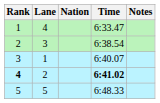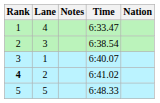 <table class="wikitable sortable" style="text-align:center">
 <tr>
 <th>Rank</th>
 <th>Lane</th>
+<th>Notes</th>
+<th>Time</th>
 <th>Nation</th>
-<th>Time</th>
-<th>Notes</th>
 </tr>
 <tr bgcolor=bbf3bb>
 <td>1</td>
 <td>4</td>
+<td></td>
+<td>6:33.47</td>
 <td align=left></td>
-<td>6:33.47</td>
-<td></td>
 </tr>
 <tr bgcolor=bbf3bb>
 <td>2</td>
 <td>3</td>
+<td></td>
+<td>6:38.54</td>
 <td align=left></td>
-<td>6:38.54</td>
-<td></td>
 </tr>
 <tr bgcolor=bbf3ff>
 <td>3</td>
 <td>1</td>
+<td></td>
+<td>6:40.07</td>
 <td align=left></td>
-<td>6:40.07</td>
-<td></td>
 </tr>
 <tr bgcolor=bbf3ff>
 <td><strong>4</strong></td>
 <td>2</td>
+<td></td>
+<td>6:41.02</td>
 <td align=left></td>
-<td><strong>6:41.02</strong></td>
-<td></td>
 </tr>
 <tr bgcolor=bbf3ff>
 <td>5</td>
 <td>5</td>
+<td></td>
+<td>6:48.33</td>
 <td align=left></td>
-<td>6:48.33</td>
-<td></td>
 </tr>
 </table>
